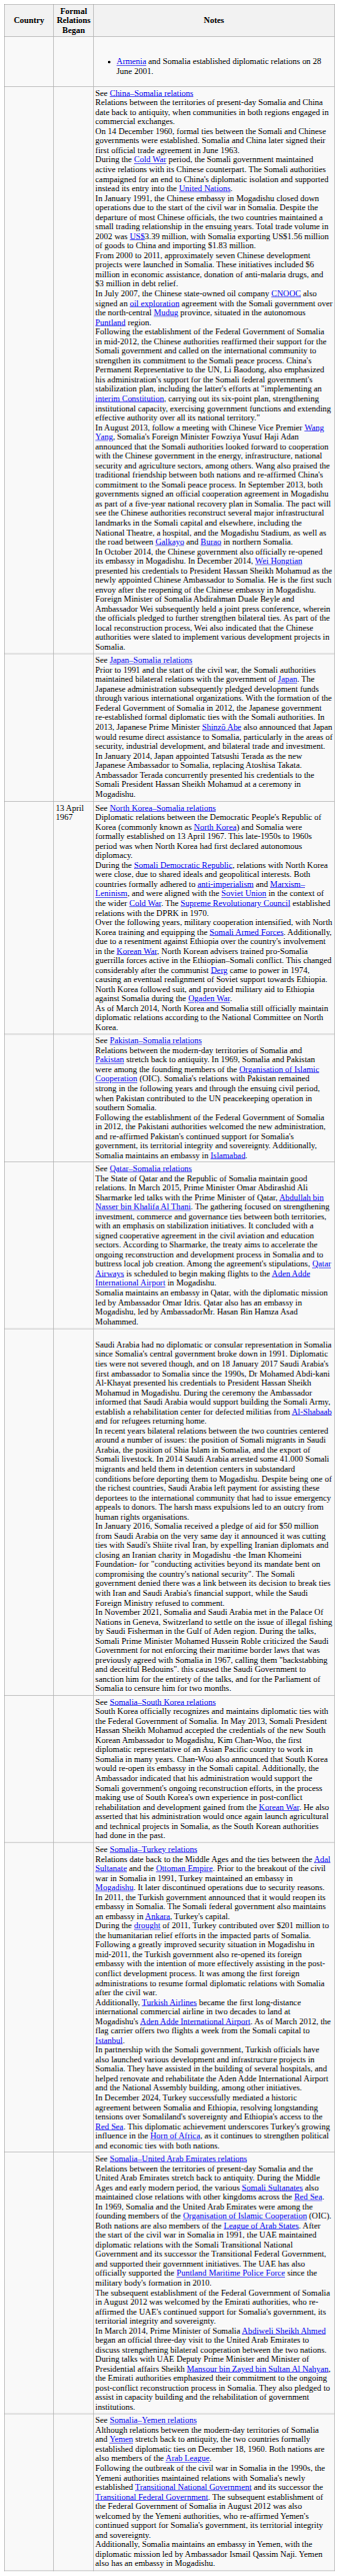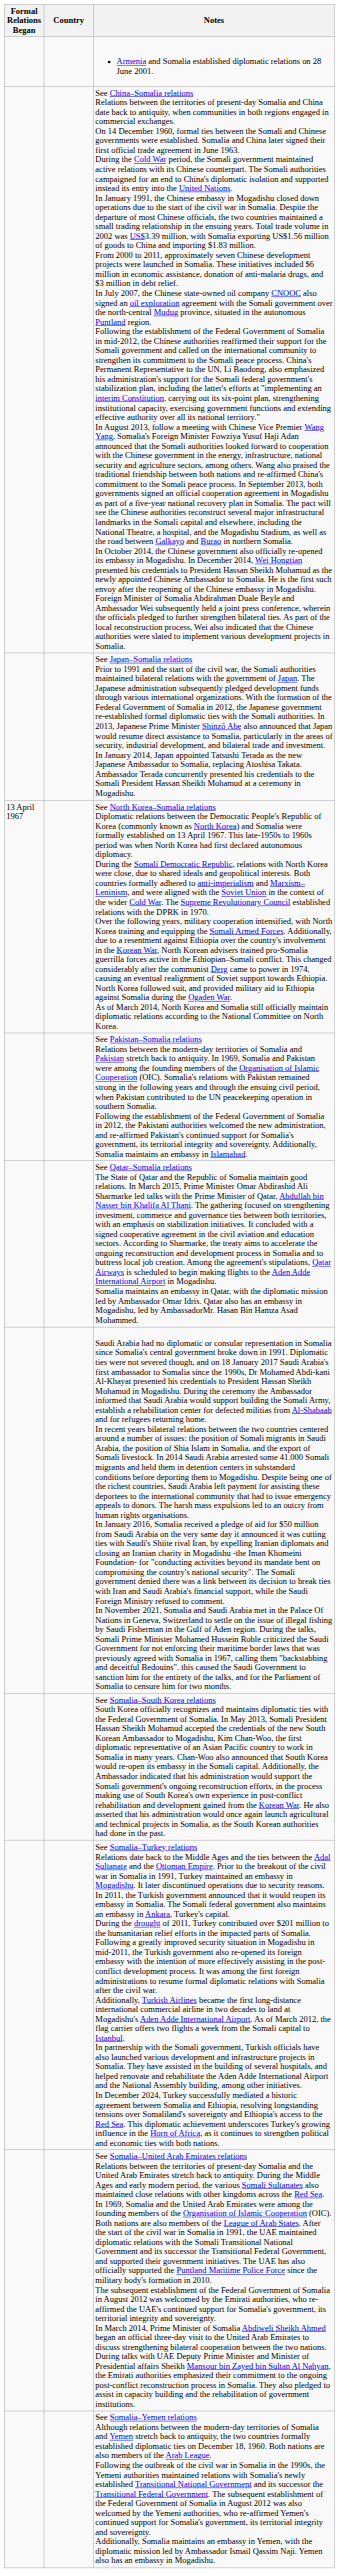 <table class="wikitable sortable" style="width:100%; margin:auto;">
 <tr>
+<th scope="col" style="width:12%;">Formal Relations Began</th>
 <th scope="col" style="width:15%;">Country</th>
-<th scope="col" style="width:12%;">Formal Relations Began</th>
 <th scope="col">Notes</th>
 </tr>
 <tr>
 <td></td>
 <td></td>
 <td><br><ul><li><a href='#'>Armenia</a> and Somalia established diplomatic relations on 28 June 2001.</li></ul></td>
 </tr>
 <tr valign="top">
 <td></td>
 <td></td>
 <td>See <a href='#'>China–Somalia relations</a><br>Relations between the territories of present-day Somalia and China date back to antiquity, when communities in both regions engaged in commercial exchanges.<br>On 14 December 1960, formal ties between the Somali and Chinese governments were established. Somalia and China later signed their first official trade agreement in June 1963.<br>During the <a href='#'>Cold War</a> period, the Somali government maintained active relations with its Chinese counterpart. The Somali authorities campaigned for an end to China's diplomatic isolation and supported instead its entry into the <a href='#'>United Nations</a>.<br>In January 1991, the Chinese embassy in Mogadishu closed down operations due to the start of the civil war in Somalia. Despite the departure of most Chinese officials, the two countries maintained a small trading relationship in the ensuing years. Total trade volume in 2002 was <a href='#'>US$</a>3.39 million, with Somalia exporting US$1.56 million of goods to China and importing $1.83 million.<br>From 2000 to 2011, approximately seven Chinese development projects were launched in Somalia. These initiatives included $6 million in economic assistance, donation of anti-malaria drugs, and $3 million in debt relief.<br>In July 2007, the Chinese state-owned oil company <a href='#'>CNOOC</a> also signed an <a href='#'>oil exploration</a> agreement with the Somali government over the north-central <a href='#'>Mudug</a> province, situated in the autonomous <a href='#'>Puntland</a> region.<br>Following the establishment of the Federal Government of Somalia in mid-2012, the Chinese authorities reaffirmed their support for the Somali government and called on the international community to strengthen its commitment to the Somali peace process. China's Permanent Representative to the UN, Li Baodong, also emphasized his administration's support for the Somali federal government's stabilization plan, including the latter's efforts at "implementing an <a href='#'>interim Constitution</a>, carrying out its six-point plan, strengthening institutional capacity, exercising government functions and extending effective authority over all its national territory."<br>In August 2013, follow a meeting with Chinese Vice Premier <a href='#'>Wang Yang</a>, Somalia's Foreign Minister Fowziya Yusuf Haji Adan announced that the Somali authorities looked forward to cooperation with the Chinese government in the energy, infrastructure, national security and agriculture sectors, among others. Wang also praised the traditional friendship between both nations and re-affirmed China's commitment to the Somali peace process. In September 2013, both governments signed an official cooperation agreement in Mogadishu as part of a five-year national recovery plan in Somalia. The pact will see the Chinese authorities reconstruct several major infrastructural landmarks in the Somali capital and elsewhere, including the National Theatre, a hospital, and the Mogadishu Stadium, as well as the road between <a href='#'>Galkayo</a> and <a href='#'>Burao</a> in northern Somalia.<br>In October 2014, the Chinese government also officially re-opened its embassy in Mogadishu. In December 2014, <a href='#'>Wei Hongtian</a> presented his credentials to President Hassan Sheikh Mohamud as the newly appointed Chinese Ambassador to Somalia. He is the first such envoy after the reopening of the Chinese embassy in Mogadishu. Foreign Minister of Somalia Abdirahman Duale Beyle and Ambassador Wei subsequently held a joint press conference, wherein the officials pledged to further strengthen bilateral ties. As part of the local reconstruction process, Wei also indicated that the Chinese authorities were slated to implement various development projects in Somalia.</td>
 </tr>
 <tr valign="top">
 <td></td>
 <td></td>
 <td>See <a href='#'>Japan–Somalia relations</a><br>Prior to 1991 and the start of the civil war, the Somali authorities maintained bilateral relations with the government of <a href='#'>Japan</a>.  The Japanese administration subsequently pledged development funds through various international organizations. With the formation of the Federal Government of Somalia in 2012, the Japanese government re-established formal diplomatic ties with the Somali authorities. In 2013, Japanese Prime Minister <a href='#'>Shinzō Abe</a> also announced that Japan would resume direct assistance to Somalia, particularly in the areas of security, industrial development, and bilateral trade and investment.<br>In January 2014, Japan appointed Tatsushi Terada as the new Japanese Ambassador to Somalia, replacing Atoshisa Takata. Ambassador Terada concurrently presented his credentials to the Somali President Hassan Sheikh Mohamud at a ceremony in Mogadishu.</td>
 </tr>
 <tr valign="top">
+<td>13 April 1967</td>
 <td></td>
-<td>13 April 1967</td>
 <td>See <a href='#'>North Korea–Somalia relations</a><br>Diplomatic relations between the Democratic People's Republic of Korea (commonly known as <a href='#'>North Korea</a>) and Somalia were formally established on 13 April 1967. This late-1950s to 1960s period was when North Korea had first declared autonomous diplomacy.<br>During the <a href='#'>Somali Democratic Republic</a>, relations with North Korea were close, due to shared ideals and geopolitical interests. Both countries formally adhered to <a href='#'>anti-imperialism</a> and <a href='#'>Marxism–Leninism</a>, and were aligned with the <a href='#'>Soviet Union</a> in the context of the wider <a href='#'>Cold War</a>. The <a href='#'>Supreme Revolutionary Council</a> established relations with the DPRK in 1970.<br>Over the following years, military cooperation intensified, with North Korea training and equipping the <a href='#'>Somali Armed Forces</a>. Additionally, due to a resentment against Ethiopia over the country's involvement in the <a href='#'>Korean War</a>, North Korean advisers trained pro-Somalia guerrilla forces active in the Ethiopian–Somali conflict. This changed considerably after the communist <a href='#'>Derg</a> came to power in 1974, causing an eventual realignment of Soviet support towards Ethiopia. North Korea followed suit, and provided military aid to Ethiopia against Somalia during the <a href='#'>Ogaden War</a>.<br>As of March 2014, North Korea and Somalia still officially maintain diplomatic relations according to the National Committee on North Korea.</td>
 </tr>
 <tr valign="top">
 <td></td>
 <td></td>
 <td>See <a href='#'>Pakistan–Somalia relations</a><br>Relations between the modern-day territories of Somalia and <a href='#'>Pakistan</a> stretch back to antiquity. In 1969, Somalia and Pakistan were among the founding members of the <a href='#'>Organisation of Islamic Cooperation</a> (OIC). Somalia's relations with Pakistan remained strong in the following years and through the ensuing civil period, when Pakistan contributed to the UN peacekeeping operation in southern Somalia.<br>Following the establishment of the Federal Government of Somalia in 2012, the Pakistani authorities welcomed the new administration, and re-affirmed Pakistan's continued support for Somalia's government, its territorial integrity and sovereignty. Additionally, Somalia maintains an embassy in <a href='#'>Islamabad</a>.</td>
 </tr>
 <tr valign="top">
 <td></td>
 <td></td>
 <td>See <a href='#'>Qatar–Somalia relations</a><br>The State of Qatar and the Republic of Somalia maintain good relations.  In March 2015, Prime Minister Omar Abdirashid Ali Sharmarke led talks with the Prime Minister of Qatar, <a href='#'>Abdullah bin Nasser bin Khalifa Al Thani</a>. The gathering focused on strengthening investment, commerce and governance ties between both territories, with an emphasis on stabilization initiatives. It concluded with a signed cooperative agreement in the civil aviation and education sectors. According to Sharmarke, the treaty aims to accelerate the ongoing reconstruction and development process in Somalia and to buttress local job creation. Among the agreement's stipulations, <a href='#'>Qatar Airways</a> is scheduled to begin making flights to the <a href='#'>Aden Adde International Airport</a> in Mogadishu.<br>Somalia maintains an embassy in Qatar, with the diplomatic mission led by Ambassador Omar Idris. Qatar also has an embassy in Mogadishu, led by AmbassadorMr. Hasan Bin Hamza Asad Mohammed.</td>
 </tr>
 <tr valign="top">
 <td></td>
 <td></td>
 <td><br>Saudi Arabia had no diplomatic or consular representation in Somalia since Somalia's central government broke down in 1991. Diplomatic ties were not severed though, and on 18 January 2017 Saudi Arabia's first ambassador to Somalia since the 1990s, Dr Mohamed Abdi-kani Al-Khayat presented his credentials to President Hassan Sheikh Mohamud in Mogadishu. During the ceremony the Ambassador informed that Saudi Arabia would support building the Somali Army, establish a rehabilitation center for defected militias from <a href='#'>Al-Shabaab</a> and for refugees returning home.<br> In recent years bilateral relations between the two countries centered around a number of issues: the position of Somali migrants in Saudi Arabia, the position of Shia Islam in Somalia, and the export of Somali livestock. In 2014 Saudi Arabia arrested some 41.000 Somali migrants and held them in detention centers in substandard conditions before deporting them to Mogadishu. Despite being one of the richest countries, Saudi Arabia left payment for assisting these deportees to the international community that had to issue emergency appeals to donors. The harsh mass expulsions led to an outcry from human rights organisations.<br>In January 2016, Somalia received a pledge of aid for $50 million from Saudi Arabia on the very same day it announced it was cutting ties with Saudi's Shiite rival Iran, by expelling Iranian diplomats and closing an Iranian charity in Mogadishu -the Iman Khomeini Foundation- for "conducting activities beyond its mandate bent on compromising the country's national security". The Somali government denied there was a link between its decision to break ties with Iran and Saudi Arabia's financial support, while the Saudi Foreign Ministry refused to comment.<br>In November 2021, Somalia and Saudi Arabia met in the Palace Of Nations in Geneva, Switzerland to settle on the issue of illegal fishing by Saudi Fisherman in the Gulf of Aden region. During the talks, Somali Prime Minister Mohamed Hussein Roble criticized the Saudi Government for not enforcing their maritime border laws that was previously agreed with Somalia in 1967, calling them "backstabbing and deceitful Bedouins". this caused the Saudi Government to sanction him for the entirety of the talks, and for the Parliament of Somalia to censure him for two months.</td>
 </tr>
 <tr valign="top">
 <td></td>
 <td></td>
 <td>See <a href='#'>Somalia–South Korea relations</a><br>South Korea officially recognizes and maintains diplomatic ties with the Federal Government of Somalia. In May 2013, Somali President Hassan Sheikh Mohamud accepted the credentials of the new South Korean Ambassador to Mogadishu, Kim Chan-Woo, the first diplomatic representative of an Asian Pacific country to work in Somalia in many years. Chan-Woo also announced that South Korea would re-open its embassy in the Somali capital. Additionally, the Ambassador indicated that his administration would support the Somali government's ongoing reconstruction efforts, in the process making use of South Korea's own experience in post-conflict rehabilitation and development gained from the <a href='#'>Korean War</a>. He also asserted that his administration would once again launch agricultural and technical projects in Somalia, as the South Korean authorities had done in the past.</td>
 </tr>
 <tr valign="top">
 <td></td>
 <td></td>
 <td>See <a href='#'>Somalia–Turkey relations</a><br>Relations date back to the Middle Ages and the ties between the <a href='#'>Adal Sultanate</a> and the <a href='#'>Ottoman Empire</a>. Prior to the breakout of the civil war in Somalia in 1991, Turkey maintained an embassy in <a href='#'>Mogadishu</a>. It later discontinued operations due to security reasons. In 2011, the Turkish government announced that it would reopen its embassy in Somalia. The Somali federal government also maintains an embassy in <a href='#'>Ankara</a>, Turkey's capital.<br>During the <a href='#'>drought</a> of 2011, Turkey contributed over $201 million to the humanitarian relief efforts in the impacted parts of Somalia. Following a greatly improved security situation in Mogadishu in mid-2011, the Turkish government also re-opened its foreign embassy with the intention of more effectively assisting in the post-conflict development process. It was among the first foreign administrations to resume formal diplomatic relations with Somalia after the civil war.<br>Additionally, <a href='#'>Turkish Airlines</a> became the first long-distance international commercial airline in two decades to land at Mogadishu's <a href='#'>Aden Adde International Airport</a>. As of March 2012, the flag carrier offers two flights a week from the Somali capital to <a href='#'>Istanbul</a>.<br>In partnership with the Somali government, Turkish officials have also launched various development and infrastructure projects in Somalia. They have assisted in the building of several hospitals, and helped renovate and rehabilitate the Aden Adde International Airport and the National Assembly building, among other initiatives.<br>In December 2024, Turkey successfully mediated a historic agreement between Somalia and Ethiopia, resolving longstanding tensions over Somaliland's sovereignty and Ethiopia's access to the <a href='#'>Red Sea</a>. This diplomatic achievement underscores Turkey's growing influence in the <a href='#'>Horn of Africa</a>, as it continues to strengthen political and economic ties with both nations.</td>
 </tr>
 <tr valign="top">
 <td></td>
 <td></td>
 <td>See <a href='#'>Somalia–United Arab Emirates relations</a><br> Relations between the territories of present-day Somalia and the United Arab Emirates stretch back to antiquity. During the Middle Ages and early modern period, the various <a href='#'>Somali Sultanates</a> also maintained close relations with other kingdoms across the <a href='#'>Red Sea</a>.<br>In 1969, Somalia and the United Arab Emirates were among the founding members of the <a href='#'>Organisation of Islamic Cooperation</a> (OIC). Both nations are also members of the <a href='#'>League of Arab States</a>. After the start of the civil war in Somalia in 1991, the UAE maintained diplomatic relations with the Somali Transitional National Government and its successor the Transitional Federal Government, and supported their government initiatives. The UAE has also officially supported the <a href='#'>Puntland Maritime Police Force</a> since the military body's formation in 2010.<br>The subsequent establishment of the Federal Government of Somalia in August 2012 was welcomed by the Emirati authorities, who re-affirmed the UAE's continued support for Somalia's government, its territorial integrity and sovereignty.<br>In March 2014, Prime Minister of Somalia <a href='#'>Abdiweli Sheikh Ahmed</a> began an official three-day visit to the United Arab Emirates to discuss strengthening bilateral cooperation between the two nations. During talks with UAE Deputy Prime Minister and Minister of Presidential affairs Sheikh <a href='#'>Mansour bin Zayed bin Sultan Al Nahyan</a>, the Emirati authorities emphasized their commitment to the ongoing post-conflict reconstruction process in Somalia. They also pledged to assist in capacity building and the rehabilitation of government institutions.</td>
 </tr>
 <tr valign="top">
 <td></td>
 <td></td>
 <td>See <a href='#'>Somalia–Yemen relations</a><br>Although relations between the modern-day territories of Somalia and <a href='#'>Yemen</a> stretch back to antiquity, the two countries formally established diplomatic ties on December 18, 1960. Both nations are also members of the <a href='#'>Arab League</a>.<br>Following the outbreak of the civil war in Somalia in the 1990s, the Yemeni authorities maintained relations with Somalia's newly established <a href='#'>Transitional National Government</a> and its successor the <a href='#'>Transitional Federal Government</a>. The subsequent establishment of the Federal Government of Somalia in August 2012 was also welcomed by the Yemeni authorities, who re-affirmed Yemen's continued support for Somalia's government, its territorial integrity and sovereignty.<br>Additionally, Somalia maintains an embassy in Yemen, with the diplomatic mission led by Ambassador Ismail Qassim Naji. Yemen also has an embassy in Mogadishu.</td>
 </tr>
 </table>
